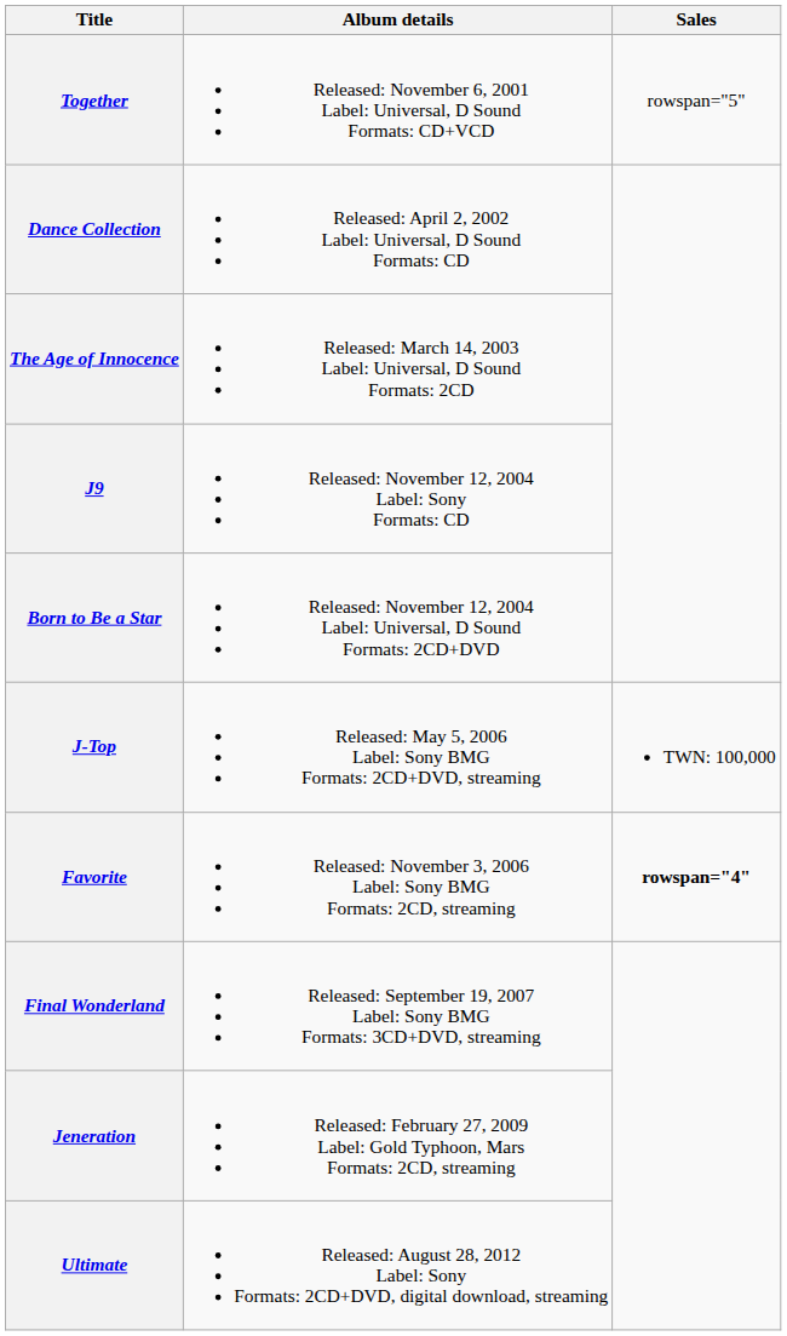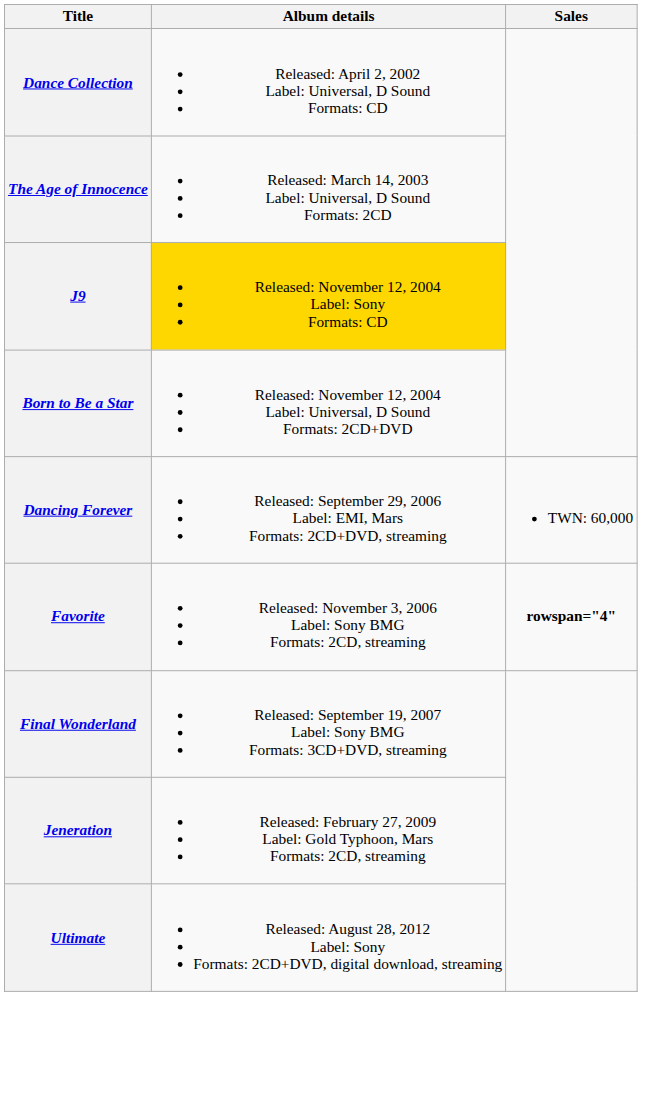 <table class="wikitable plainrowheaders" style="text-align:center;">
 <tr>
 <th>Title</th>
 <th>Album details</th>
 <th>Sales</th>
-</tr>
-<tr>
-<th scope="row"><em><a href='#'>Together</a></em></th>
-<td><br><ul><li>Released: November 6, 2001</li><li>Label: Universal, D Sound</li><li>Formats: CD+VCD</li></ul></td>
-<td>rowspan="5" </td>
 </tr>
 <tr>
 <th scope="row"><em><a href='#'>Dance Collection</a></em></th>
 <td><br><ul><li>Released: April 2, 2002</li><li>Label: Universal, D Sound</li><li>Formats: CD</li></ul></td>
 </tr>
 <tr>
 <th scope="row"><em><a href='#'>The Age of Innocence</a></em></th>
 <td><br><ul><li>Released: March 14, 2003</li><li>Label: Universal, D Sound</li><li>Formats: 2CD</li></ul></td>
 </tr>
 <tr>
 <th scope="row"><em><a href='#'>J9</a></em></th>
-<td><br><ul><li>Released: November 12, 2004</li><li>Label: Sony</li><li>Formats: CD</li></ul></td>
+<td style="background: gold;"><br><ul><li>Released: November 12, 2004</li><li>Label: Sony</li><li>Formats: CD</li></ul></td>
 </tr>
 <tr>
 <th scope="row"><em><a href='#'>Born to Be a Star</a></em></th>
 <td><br><ul><li>Released: November 12, 2004</li><li>Label: Universal, D Sound</li><li>Formats: 2CD+DVD</li></ul></td>
 </tr>
 <tr>
-<th scope="row"><em><a href='#'>J-Top</a></em></th>
-<td><br><ul><li>Released: May 5, 2006</li><li>Label: Sony BMG</li><li>Formats: 2CD+DVD, streaming</li></ul></td>
-<td><br><ul><li>TWN: 100,000</li></ul></td>
+<th scope="row"><em><a href='#'>Dancing Forever</a></em></th>
+<td><br><ul><li>Released: September 29, 2006</li><li>Label: EMI, Mars</li><li>Formats: 2CD+DVD, streaming</li></ul></td>
+<td><br><ul><li>TWN: 60,000</li></ul></td>
 </tr>
 <tr>
 <th scope="row"><em><a href='#'>Favorite</a></em></th>
 <td><br><ul><li>Released: November 3, 2006</li><li>Label: Sony BMG</li><li>Formats: 2CD, streaming</li></ul></td>
 <td><strong>rowspan="4" </strong></td>
 </tr>
 <tr>
 <th scope="row"><em><a href='#'>Final Wonderland</a></em></th>
 <td><br><ul><li>Released: September 19, 2007</li><li>Label: Sony BMG</li><li>Formats: 3CD+DVD, streaming</li></ul></td>
 </tr>
 <tr>
 <th scope="row"><em><a href='#'>Jeneration</a></em></th>
 <td><br><ul><li>Released: February 27, 2009</li><li>Label: Gold Typhoon, Mars</li><li>Formats: 2CD, streaming</li></ul></td>
 </tr>
 <tr>
 <th scope="row"><em><a href='#'>Ultimate</a></em></th>
 <td><br><ul><li>Released: August 28, 2012</li><li>Label: Sony</li><li>Formats: 2CD+DVD, digital download, streaming</li></ul></td>
 </tr>
 </table>
